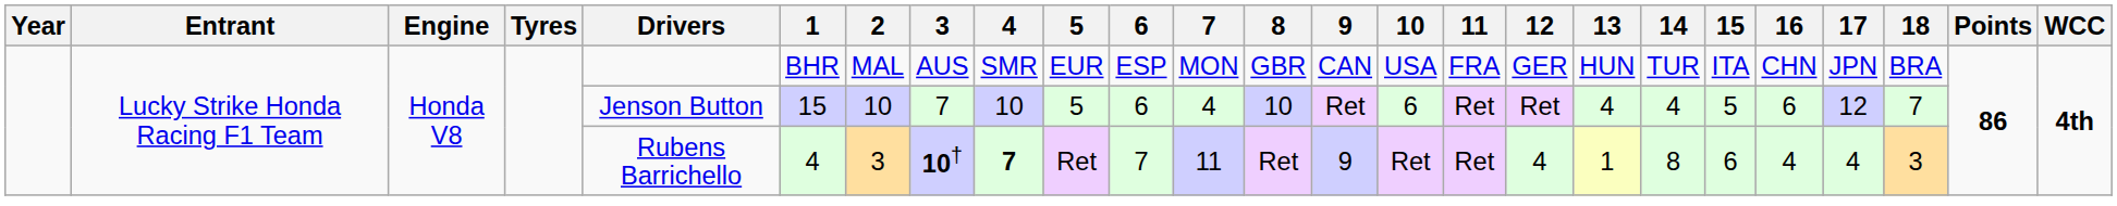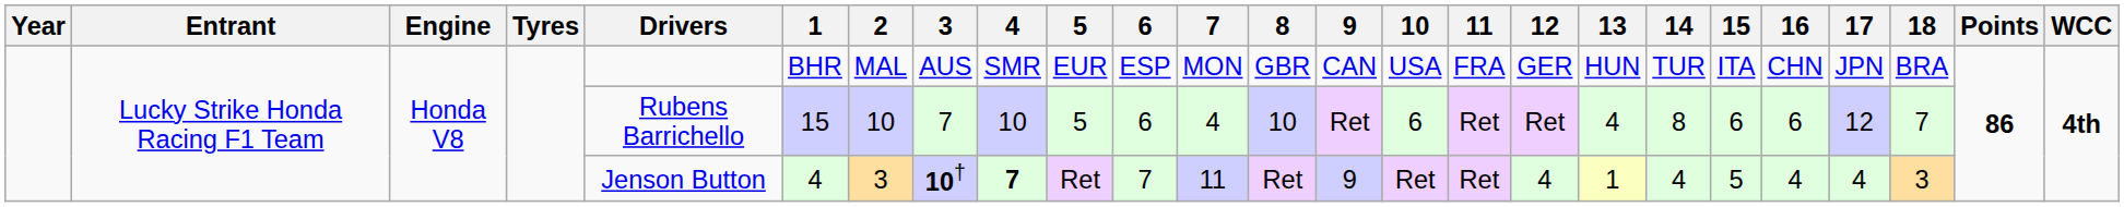 <table class="wikitable" style="text-align:center; font-size:95%">
 <tr>
 <th>Year</th>
 <th>Entrant</th>
 <th>Engine</th>
 <th>Tyres</th>
 <th>Drivers</th>
 <th>1</th>
 <th>2</th>
 <th>3</th>
 <th>4</th>
 <th>5</th>
 <th>6</th>
 <th>7</th>
 <th>8</th>
 <th>9</th>
 <th>10</th>
 <th>11</th>
 <th>12</th>
 <th>13</th>
 <th>14</th>
 <th>15</th>
 <th>16</th>
 <th>17</th>
 <th>18</th>
 <th>Points</th>
 <th>WCC</th>
 </tr>
 <tr>
 <td rowspan="3"></td>
 <td rowspan="3"><a href='#'>Lucky Strike Honda Racing F1 Team</a></td>
 <td rowspan="3"><a href='#'>Honda</a> <a href='#'>V8</a></td>
 <td rowspan="3"></td>
 <td></td>
 <td><a href='#'>BHR</a></td>
 <td><a href='#'>MAL</a></td>
 <td><a href='#'>AUS</a></td>
 <td><a href='#'>SMR</a></td>
 <td><a href='#'>EUR</a></td>
 <td><a href='#'>ESP</a></td>
 <td><a href='#'>MON</a></td>
 <td><a href='#'>GBR</a></td>
 <td><a href='#'>CAN</a></td>
 <td><a href='#'>USA</a></td>
 <td><a href='#'>FRA</a></td>
 <td><a href='#'>GER</a></td>
 <td><a href='#'>HUN</a></td>
 <td><a href='#'>TUR</a></td>
 <td><a href='#'>ITA</a></td>
 <td><a href='#'>CHN</a></td>
 <td><a href='#'>JPN</a></td>
 <td><a href='#'>BRA</a></td>
 <td rowspan="3"><strong>86</strong></td>
 <td rowspan="3"><strong>4th</strong></td>
 </tr>
 <tr>
-<td> <a href='#'>Jenson Button</a></td>
+<td> <a href='#'>Rubens Barrichello</a></td>
 <td style="background:#CFCFFF;">15</td>
 <td style="background:#CFCFFF;">10</td>
 <td style="background:#DFFFDF;">7</td>
 <td style="background:#CFCFFF;">10</td>
 <td style="background:#DFFFDF;">5</td>
 <td style="background:#DFFFDF;">6</td>
 <td style="background:#DFFFDF;">4</td>
 <td style="background:#CFCFFF;">10</td>
 <td style="background:#EFCFFF;">Ret</td>
 <td style="background:#DFFFDF;">6</td>
 <td style="background:#EFCFFF;">Ret</td>
 <td style="background:#EFCFFF;">Ret</td>
 <td style="background:#DFFFDF;">4</td>
-<td style="background:#DFFFDF;">4</td>
-<td style="background:#DFFFDF;">5</td>
+<td style="background:#DFFFDF;">8</td>
+<td style="background:#DFFFDF;">6</td>
 <td style="background:#DFFFDF;">6</td>
 <td style="background:#CFCFFF;">12</td>
 <td style="background:#DFFFDF;">7</td>
 </tr>
 <tr>
-<td> <a href='#'>Rubens Barrichello</a></td>
+<td> <a href='#'>Jenson Button</a></td>
 <td style="background:#DFFFDF;">4</td>
 <td style="background:#FFDF9F;">3</td>
 <td style="background:#CFCFFF;"><strong>10</strong><sup>†</sup></td>
 <td style="background:#DFFFDF;"><strong>7</strong></td>
 <td style="background:#EFCFFF;">Ret</td>
 <td style="background:#DFFFDF;">7</td>
 <td style="background:#CFCFFF;">11</td>
 <td style="background:#EFCFFF;">Ret</td>
 <td style="background:#CFCFFF;">9</td>
 <td style="background:#EFCFFF;">Ret</td>
 <td style="background:#EFCFFF;">Ret</td>
 <td style="background:#DFFFDF;">4</td>
 <td style="background:#FBFFBF;">1</td>
-<td style="background:#DFFFDF;">8</td>
-<td style="background:#DFFFDF;">6</td>
+<td style="background:#DFFFDF;">4</td>
+<td style="background:#DFFFDF;">5</td>
 <td style="background:#DFFFDF;">4</td>
 <td style="background:#DFFFDF;">4</td>
 <td style="background:#FFDF9F;">3</td>
 </tr>
 </table>
